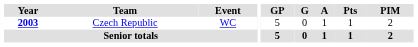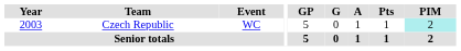 <table border="0" cellpadding="1" cellspacing="0" ID="Table3" style="text-align:center; width:40em">
 <tr bgcolor="#e0e0e0">
 <th>Year</th>
 <th>Team</th>
 <th>Event</th>
 <th rowspan="102" bgcolor="#ffffff"></th>
 <th>GP</th>
 <th>G</th>
 <th>A</th>
 <th>Pts</th>
 <th>PIM</th>
 </tr>
 <tr>
-<td><strong><a href='#'>2003</a></strong></td>
+<td><a href='#'>2003</a></td>
 <td><a href='#'>Czech Republic</a></td>
 <td><a href='#'>WC</a></td>
 <td>5</td>
 <td>0</td>
 <td>1</td>
 <td>1</td>
-<td>2</td>
+<td style="background: paleturquoise;">2</td>
 </tr>
 <tr bgcolor="#e0e0e0">
 <th colspan="3">Senior totals</th>
 <th>5</th>
 <th>0</th>
 <th>1</th>
 <th>1</th>
 <th>2</th>
 </tr>
 </table>
